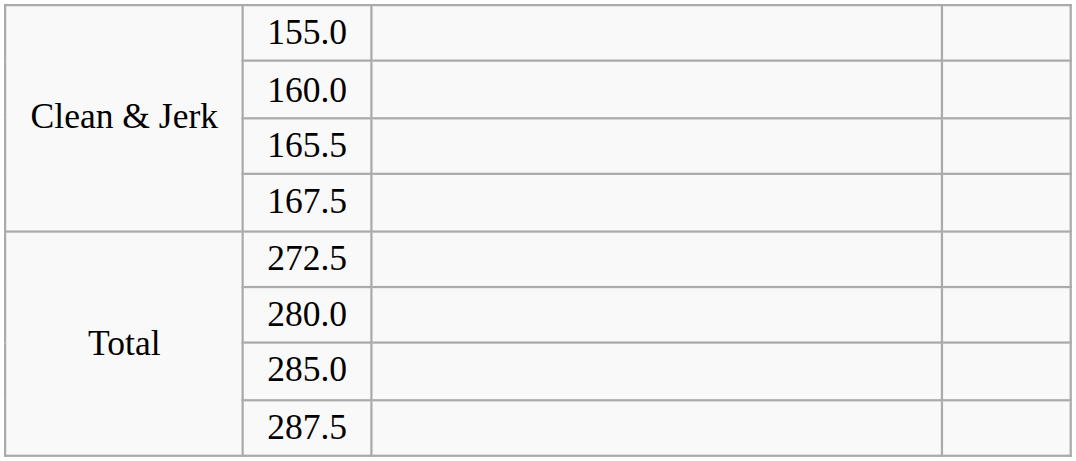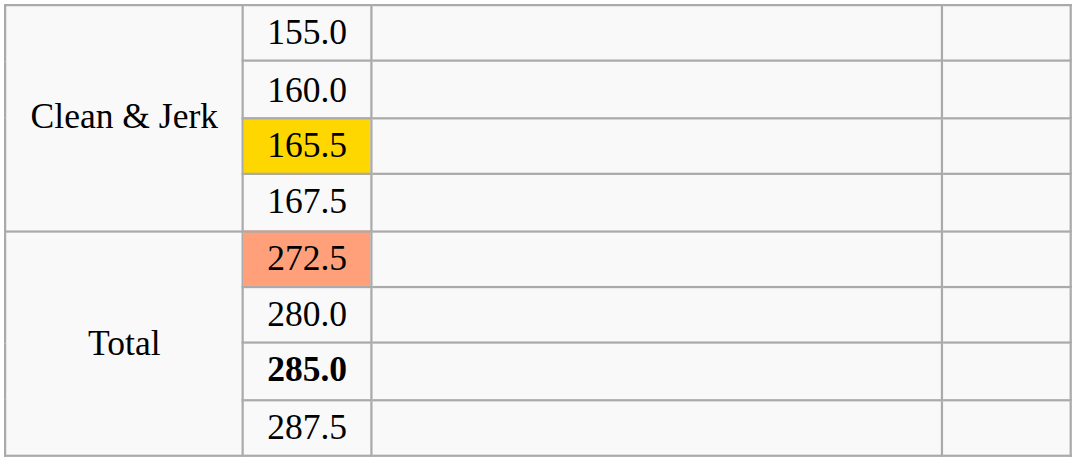 <table class = "wikitable" style="text-align:center;">
 <tr>
 <td rowspan=4 width=100>Clean & Jerk</td>
 <td width=50>155.0</td>
 <td width=250 align=left></td>
 <td width=50></td>
 </tr>
 <tr>
 <td>160.0</td>
 <td align=left></td>
 <td></td>
 </tr>
 <tr>
-<td>165.5</td>
+<td style="background: gold;">165.5</td>
 <td align=left></td>
 <td></td>
 </tr>
 <tr>
 <td>167.5</td>
 <td align=left></td>
 <td></td>
 </tr>
 <tr>
 <td rowspan=4>Total</td>
-<td>272.5</td>
+<td style="background: lightsalmon;">272.5</td>
 <td align=left></td>
 <td></td>
 </tr>
 <tr>
 <td>280.0</td>
 <td align=left></td>
 <td></td>
 </tr>
 <tr>
-<td>285.0</td>
+<td><strong>285.0</strong></td>
 <td align=left></td>
 <td></td>
 </tr>
 <tr>
 <td>287.5</td>
 <td align=left></td>
 <td></td>
 </tr>
 </table>
